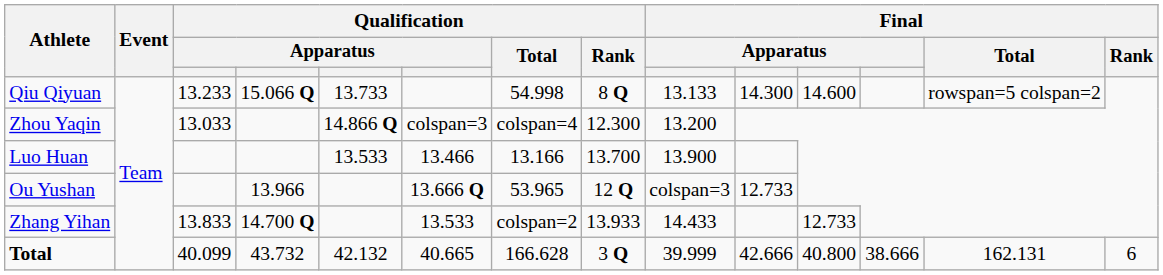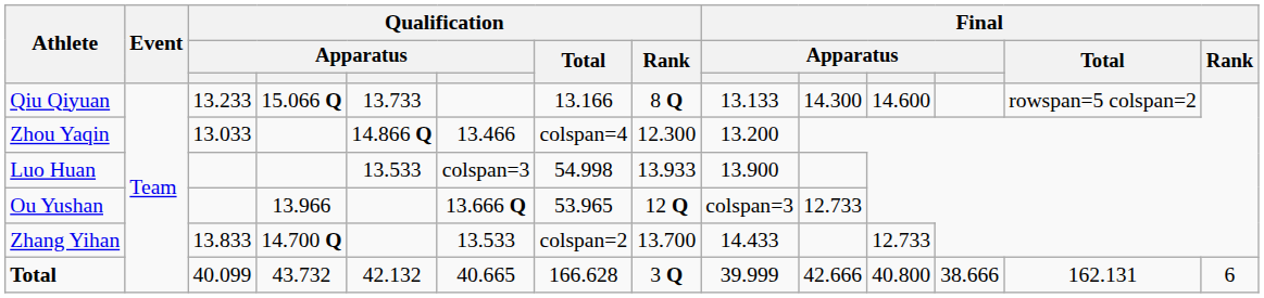 <table class=wikitable style=font-size:90%;text-align:center>
 <tr>
 <th rowspan=3>Athlete</th>
 <th rowspan=3>Event</th>
 <th colspan=6>Qualification</th>
 <th colspan=6>Final</th>
 </tr>
 <tr style=font-size:95%>
 <th colspan=4>Apparatus</th>
 <th rowspan=2>Total</th>
 <th rowspan=2>Rank</th>
 <th colspan=4>Apparatus</th>
 <th rowspan=2>Total</th>
 <th rowspan=2>Rank</th>
 </tr>
 <tr style=font-size:95%>
 <th></th>
 <th></th>
 <th></th>
 <th></th>
 <th></th>
 <th></th>
 <th></th>
 <th></th>
 </tr>
 <tr>
 <td align=left><a href='#'>Qiu Qiyuan</a></td>
 <td align=left rowspan=6><a href='#'>Team</a></td>
 <td>13.233</td>
 <td>15.066 <strong>Q</strong></td>
 <td>13.733</td>
 <td></td>
-<td>54.998</td>
+<td>13.166</td>
 <td>8 <strong>Q</strong></td>
 <td>13.133</td>
 <td>14.300</td>
 <td>14.600</td>
 <td></td>
 <td>rowspan=5 colspan=2 </td>
 </tr>
 <tr>
 <td align=left><a href='#'>Zhou Yaqin</a></td>
 <td>13.033</td>
 <td></td>
 <td>14.866 <strong>Q</strong></td>
-<td>colspan=3</td>
+<td>13.466</td>
 <td>colspan=4</td>
 <td>12.300</td>
 <td>13.200</td>
 </tr>
 <tr>
 <td align=left><a href='#'>Luo Huan</a></td>
 <td></td>
 <td></td>
 <td>13.533</td>
-<td>13.466</td>
-<td>13.166</td>
-<td>13.700</td>
+<td>colspan=3</td>
+<td>54.998</td>
+<td>13.933</td>
 <td>13.900</td>
 <td></td>
 </tr>
 <tr>
 <td align=left><a href='#'>Ou Yushan</a></td>
 <td></td>
 <td>13.966</td>
 <td></td>
 <td>13.666 <strong>Q</strong></td>
 <td>53.965</td>
 <td>12 <strong>Q</strong></td>
 <td>colspan=3</td>
 <td>12.733</td>
 </tr>
 <tr>
 <td align=left><a href='#'>Zhang Yihan</a></td>
 <td>13.833</td>
 <td>14.700 <strong>Q</strong></td>
 <td></td>
 <td>13.533</td>
 <td>colspan=2</td>
-<td>13.933</td>
+<td>13.700</td>
 <td>14.433</td>
 <td></td>
 <td>12.733</td>
 </tr>
 <tr>
 <td align=left><strong>Total</strong></td>
 <td>40.099</td>
 <td>43.732</td>
 <td>42.132</td>
 <td>40.665</td>
 <td>166.628</td>
 <td>3 <strong>Q</strong></td>
 <td>39.999</td>
 <td>42.666</td>
 <td>40.800</td>
 <td>38.666</td>
 <td>162.131</td>
 <td>6</td>
 </tr>
 </table>
